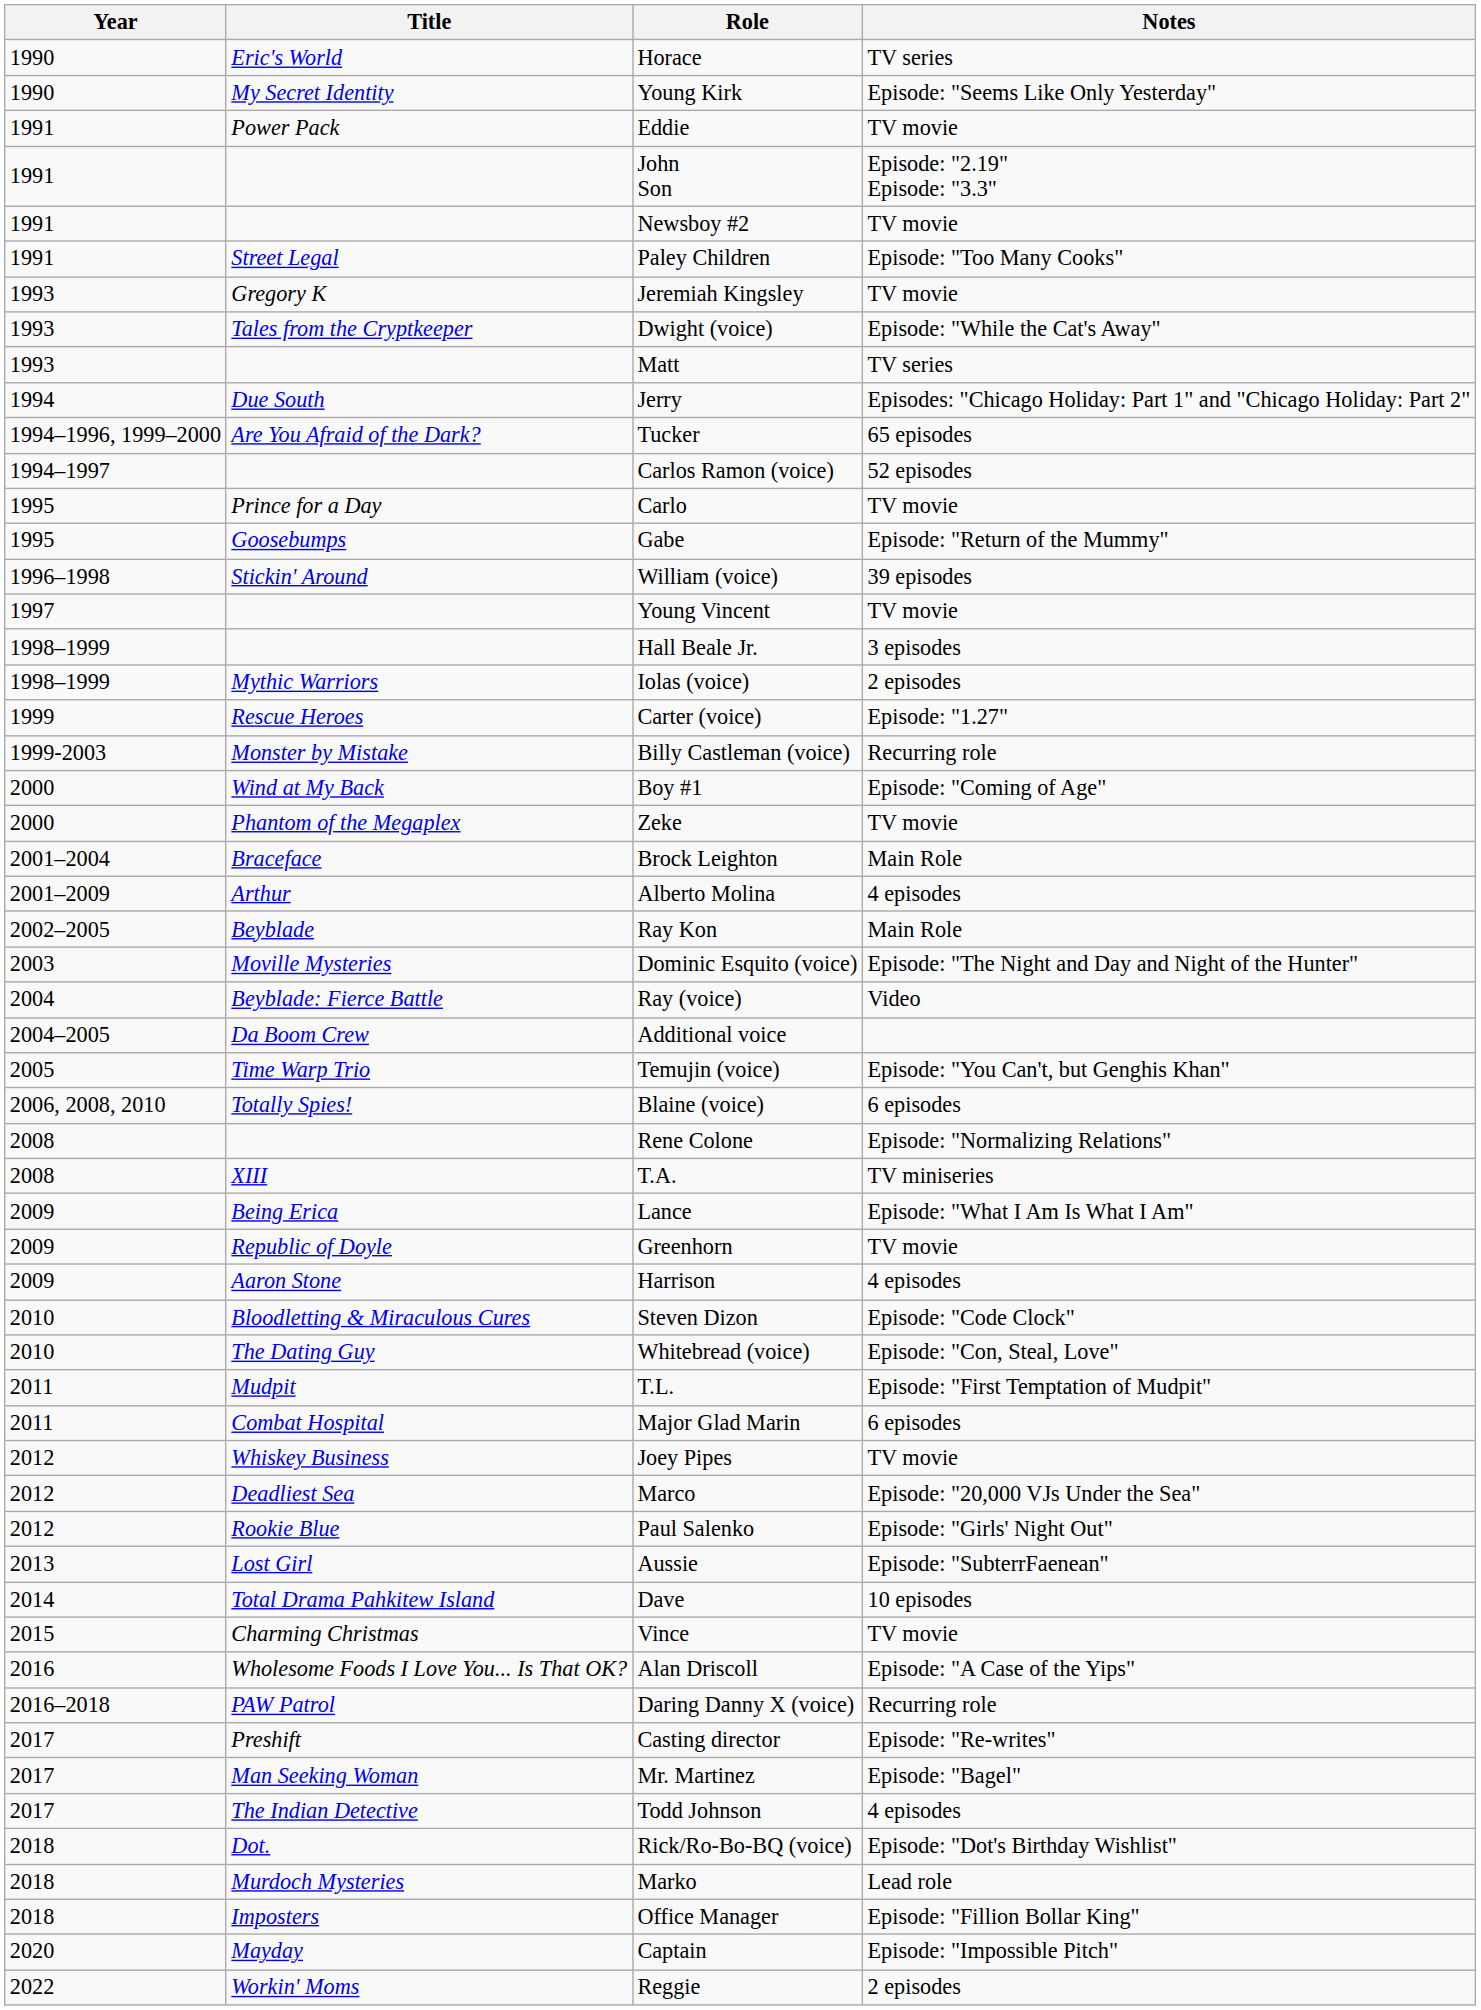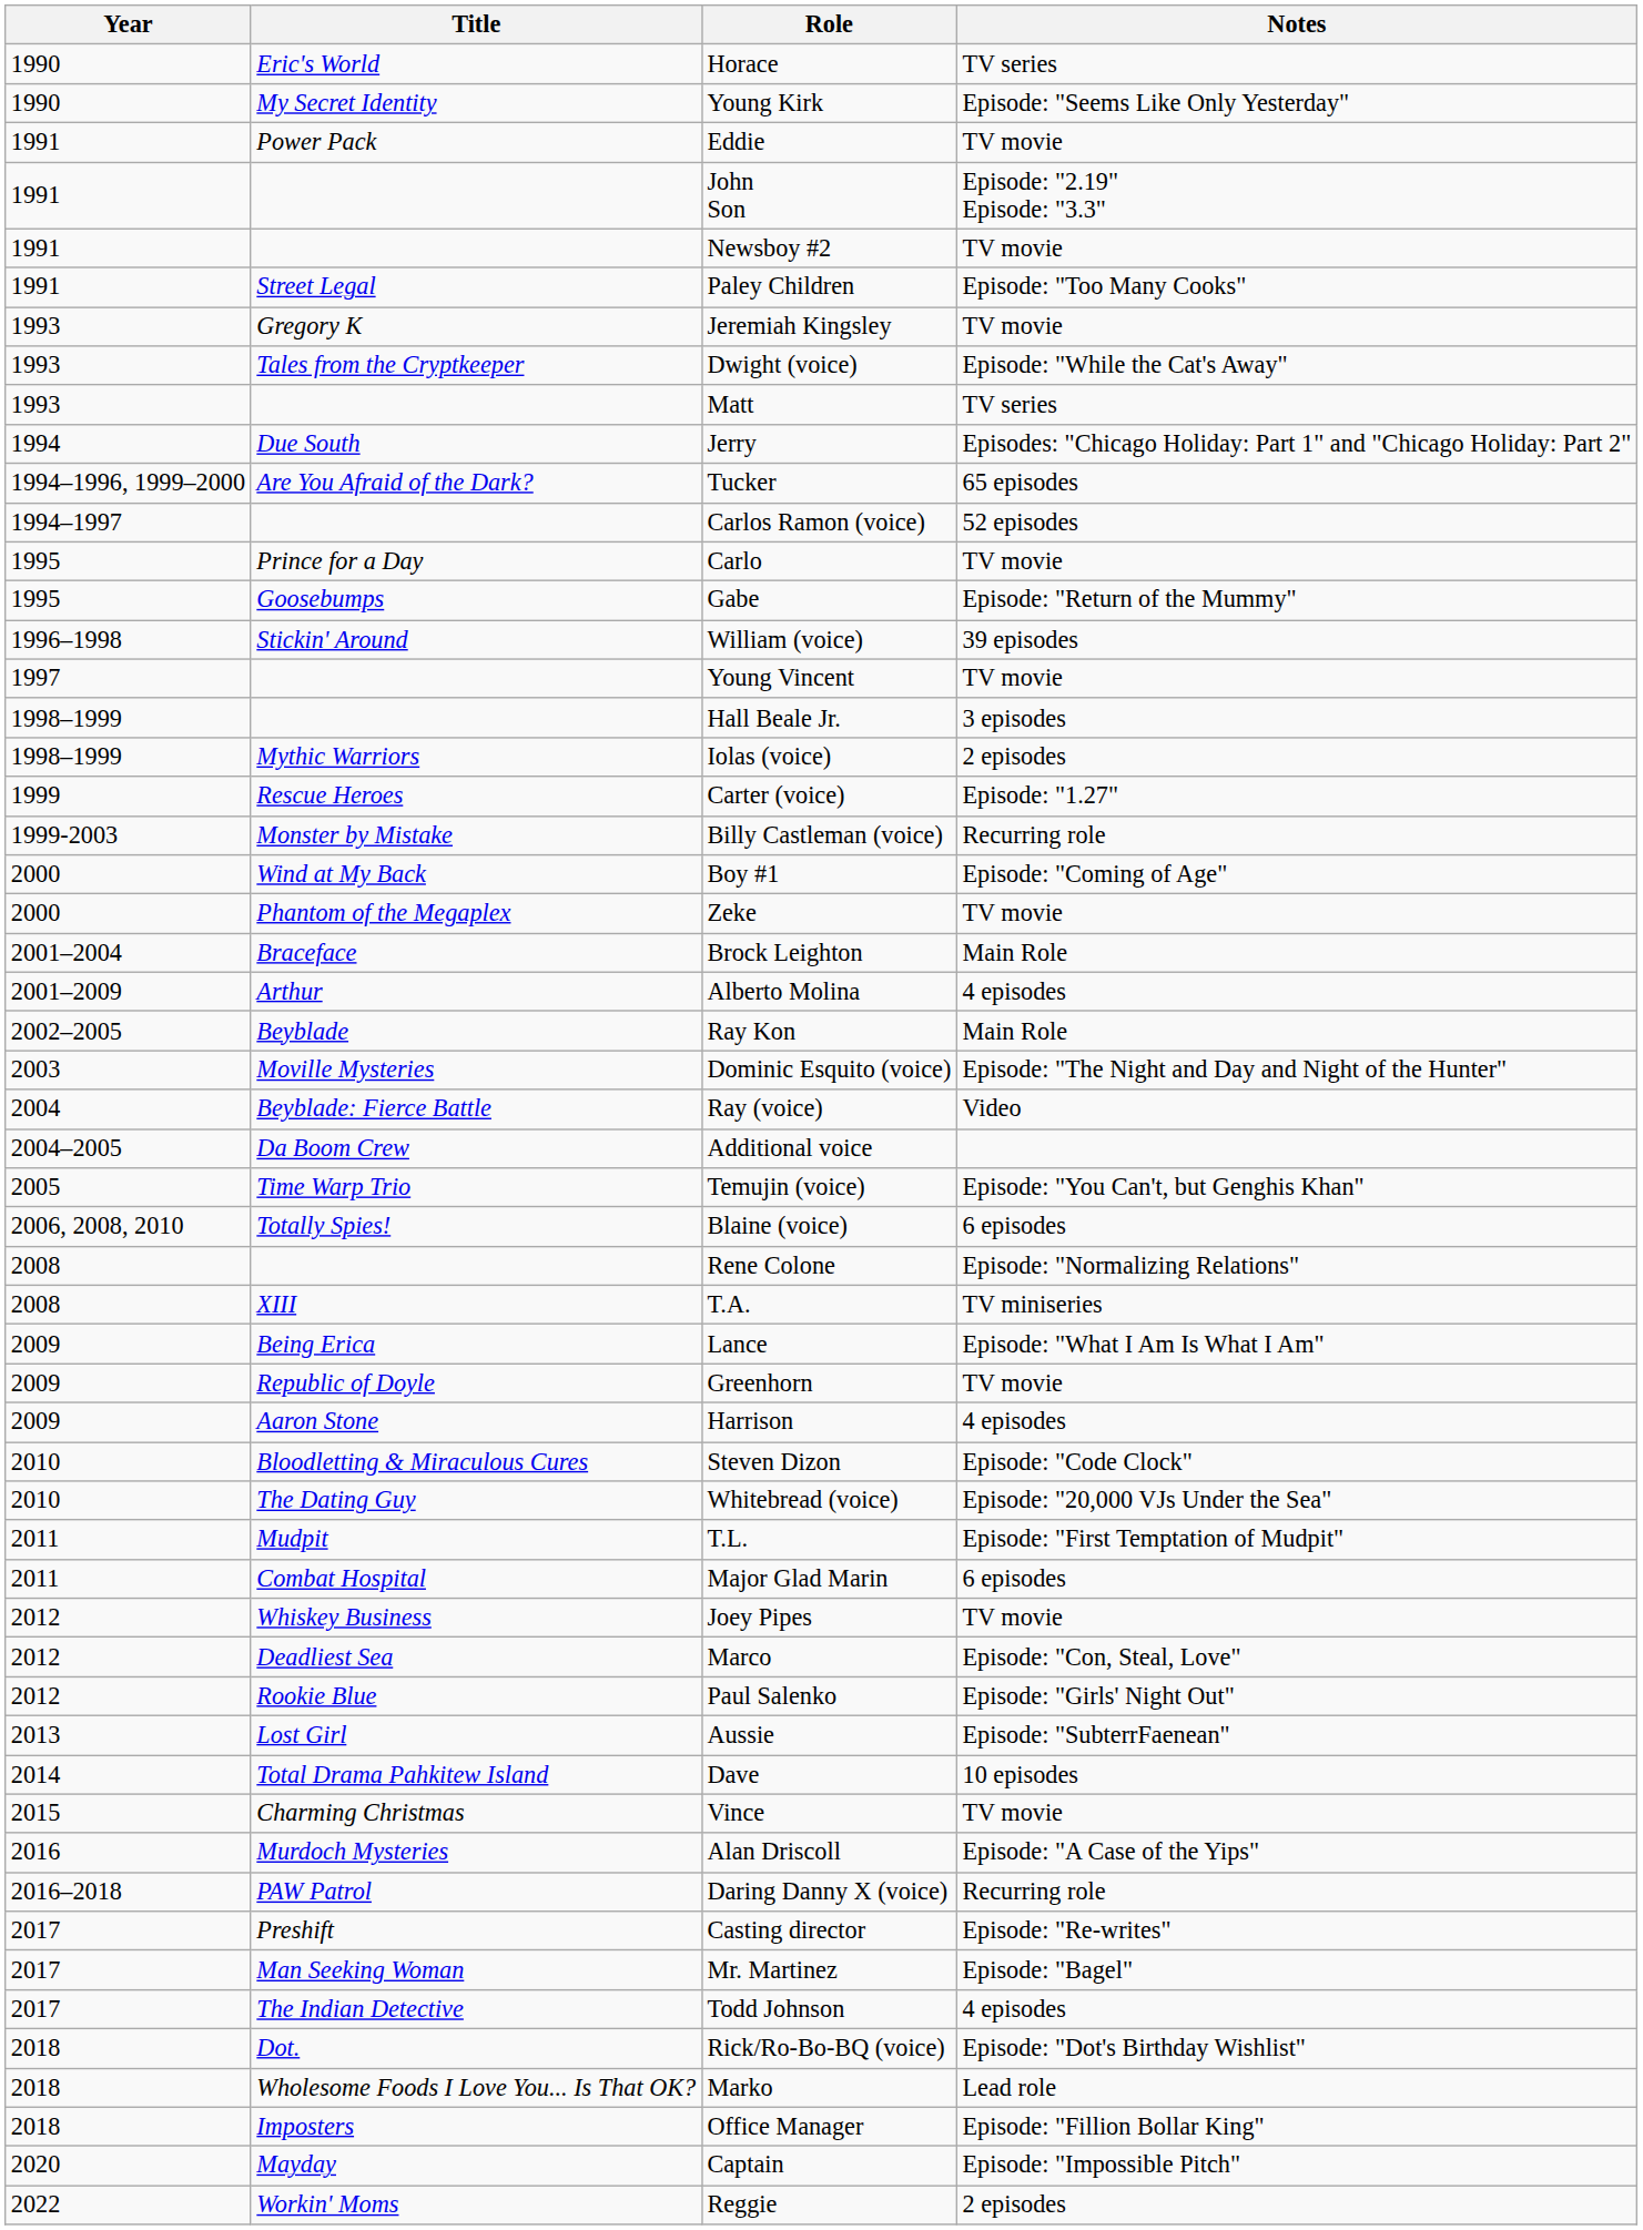 <table class="wikitable sortable">
 <tr>
 <th>Year</th>
 <th>Title</th>
 <th>Role</th>
 <th class="unsortable">Notes</th>
 </tr>
 <tr>
 <td>1990</td>
 <td><em><a href='#'>Eric's World</a></em></td>
 <td>Horace</td>
 <td>TV series</td>
 </tr>
 <tr>
 <td>1990</td>
 <td><em><a href='#'>My Secret Identity</a></em></td>
 <td>Young Kirk</td>
 <td>Episode: "Seems Like Only Yesterday"</td>
 </tr>
 <tr>
 <td>1991</td>
 <td><em>Power Pack</em></td>
 <td>Eddie</td>
 <td>TV movie</td>
 </tr>
 <tr>
 <td>1991</td>
 <td><em></em></td>
 <td>John<br>Son</td>
 <td>Episode: "2.19"<br>Episode: "3.3"</td>
 </tr>
 <tr>
 <td>1991</td>
 <td><em></em></td>
 <td>Newsboy #2</td>
 <td>TV movie</td>
 </tr>
 <tr>
 <td>1991</td>
 <td><em><a href='#'>Street Legal</a></em></td>
 <td>Paley Children</td>
 <td>Episode: "Too Many Cooks"</td>
 </tr>
 <tr>
 <td>1993</td>
 <td><em>Gregory K</em></td>
 <td>Jeremiah Kingsley</td>
 <td>TV movie</td>
 </tr>
 <tr>
 <td>1993</td>
 <td><em><a href='#'>Tales from the Cryptkeeper</a></em></td>
 <td>Dwight (voice)</td>
 <td>Episode: "While the Cat's Away"</td>
 </tr>
 <tr>
 <td>1993</td>
 <td><em></em></td>
 <td>Matt</td>
 <td>TV series</td>
 </tr>
 <tr>
 <td>1994</td>
 <td><em><a href='#'>Due South</a></em></td>
 <td>Jerry</td>
 <td>Episodes: "Chicago Holiday: Part 1" and "Chicago Holiday: Part 2"</td>
 </tr>
 <tr>
 <td>1994–1996, 1999–2000</td>
 <td><em><a href='#'>Are You Afraid of the Dark?</a></em></td>
 <td>Tucker</td>
 <td>65 episodes</td>
 </tr>
 <tr>
 <td>1994–1997</td>
 <td><em></em></td>
 <td>Carlos Ramon (voice)</td>
 <td>52 episodes</td>
 </tr>
 <tr>
 <td>1995</td>
 <td><em>Prince for a Day</em></td>
 <td>Carlo</td>
 <td>TV movie</td>
 </tr>
 <tr>
 <td>1995</td>
 <td><em><a href='#'>Goosebumps</a></em></td>
 <td>Gabe</td>
 <td>Episode: "Return of the Mummy"</td>
 </tr>
 <tr>
 <td>1996–1998</td>
 <td><em><a href='#'>Stickin' Around</a></em></td>
 <td>William (voice)</td>
 <td>39 episodes</td>
 </tr>
 <tr>
 <td>1997</td>
 <td><em></em></td>
 <td>Young Vincent</td>
 <td>TV movie</td>
 </tr>
 <tr>
 <td>1998–1999</td>
 <td><em></em></td>
 <td>Hall Beale Jr.</td>
 <td>3 episodes</td>
 </tr>
 <tr>
 <td>1998–1999</td>
 <td><em><a href='#'>Mythic Warriors</a></em></td>
 <td>Iolas (voice)</td>
 <td>2 episodes</td>
 </tr>
 <tr>
 <td>1999</td>
 <td><em><a href='#'>Rescue Heroes</a></em></td>
 <td>Carter (voice)</td>
 <td>Episode: "1.27"</td>
 </tr>
 <tr>
 <td>1999-2003</td>
 <td><em><a href='#'>Monster by Mistake</a></em></td>
 <td>Billy Castleman (voice)</td>
 <td>Recurring role</td>
 </tr>
 <tr>
 <td>2000</td>
 <td><em><a href='#'>Wind at My Back</a></em></td>
 <td>Boy #1</td>
 <td>Episode: "Coming of Age"</td>
 </tr>
 <tr>
 <td>2000</td>
 <td><em><a href='#'>Phantom of the Megaplex</a></em></td>
 <td>Zeke</td>
 <td>TV movie</td>
 </tr>
 <tr>
 <td>2001–2004</td>
 <td><em><a href='#'>Braceface</a></em></td>
 <td>Brock Leighton</td>
 <td>Main Role</td>
 </tr>
 <tr>
 <td>2001–2009</td>
 <td><em><a href='#'>Arthur</a></em></td>
 <td>Alberto Molina</td>
 <td>4 episodes</td>
 </tr>
 <tr>
 <td>2002–2005</td>
 <td><em><a href='#'>Beyblade</a></em></td>
 <td>Ray Kon</td>
 <td>Main Role</td>
 </tr>
 <tr>
 <td>2003</td>
 <td><em><a href='#'>Moville Mysteries</a></em></td>
 <td>Dominic Esquito (voice)</td>
 <td>Episode: "The Night and Day and Night of the Hunter"</td>
 </tr>
 <tr>
 <td>2004</td>
 <td><em><a href='#'>Beyblade: Fierce Battle</a></em></td>
 <td>Ray (voice)</td>
 <td>Video</td>
 </tr>
 <tr>
 <td>2004–2005</td>
 <td><em><a href='#'>Da Boom Crew</a></em></td>
 <td>Additional voice</td>
 </tr>
 <tr>
 <td>2005</td>
 <td><em><a href='#'>Time Warp Trio</a></em></td>
 <td>Temujin (voice)</td>
 <td>Episode: "You Can't, but Genghis Khan"</td>
 </tr>
 <tr>
 <td>2006, 2008, 2010</td>
 <td><em><a href='#'>Totally Spies!</a></em></td>
 <td>Blaine (voice)</td>
 <td>6 episodes</td>
 </tr>
 <tr>
 <td>2008</td>
 <td><em></em></td>
 <td>Rene Colone</td>
 <td>Episode: "Normalizing Relations"</td>
 </tr>
 <tr>
 <td>2008</td>
 <td><em><a href='#'>XIII</a></em></td>
 <td>T.A.</td>
 <td>TV miniseries</td>
 </tr>
 <tr>
 <td>2009</td>
 <td><em><a href='#'>Being Erica</a></em></td>
 <td>Lance</td>
 <td>Episode: "What I Am Is What I Am"</td>
 </tr>
 <tr>
 <td>2009</td>
 <td><em><a href='#'>Republic of Doyle</a></em></td>
 <td>Greenhorn</td>
 <td>TV movie</td>
 </tr>
 <tr>
 <td>2009</td>
 <td><em><a href='#'>Aaron Stone</a></em></td>
 <td>Harrison</td>
 <td>4 episodes</td>
 </tr>
 <tr>
 <td>2010</td>
 <td><em><a href='#'>Bloodletting & Miraculous Cures</a></em></td>
 <td>Steven Dizon</td>
 <td>Episode: "Code Clock"</td>
 </tr>
 <tr>
 <td>2010</td>
 <td data-sort-value="Dating Guy, The"><em><a href='#'>The Dating Guy</a></em></td>
 <td>Whitebread (voice)</td>
-<td>Episode: "Con, Steal, Love"</td>
+<td>Episode: "20,000 VJs Under the Sea"</td>
 </tr>
 <tr>
 <td>2011</td>
 <td><em><a href='#'>Mudpit</a></em></td>
 <td>T.L.</td>
 <td>Episode: "First Temptation of Mudpit"</td>
 </tr>
 <tr>
 <td>2011</td>
 <td><em><a href='#'>Combat Hospital</a></em></td>
 <td>Major Glad Marin</td>
 <td>6 episodes</td>
 </tr>
 <tr>
 <td>2012</td>
 <td><em><a href='#'>Whiskey Business</a></em></td>
 <td>Joey Pipes</td>
 <td>TV movie</td>
 </tr>
 <tr>
 <td>2012</td>
 <td><em><a href='#'>Deadliest Sea</a></em></td>
 <td>Marco</td>
-<td>Episode: "20,000 VJs Under the Sea"</td>
+<td>Episode: "Con, Steal, Love"</td>
 </tr>
 <tr>
 <td>2012</td>
 <td><em><a href='#'>Rookie Blue</a></em></td>
 <td>Paul Salenko</td>
 <td>Episode: "Girls' Night Out"</td>
 </tr>
 <tr>
 <td>2013</td>
 <td><em><a href='#'>Lost Girl</a></em></td>
 <td>Aussie</td>
 <td>Episode: "SubterrFaenean"</td>
 </tr>
 <tr>
 <td>2014</td>
 <td><em><a href='#'>Total Drama Pahkitew Island</a></em></td>
 <td>Dave</td>
 <td>10 episodes</td>
 </tr>
 <tr>
 <td>2015</td>
 <td><em>Charming Christmas</em></td>
 <td>Vince</td>
 <td>TV movie</td>
 </tr>
 <tr>
 <td>2016</td>
-<td><em>Wholesome Foods I Love You... Is That OK?</em></td>
+<td><em><a href='#'>Murdoch Mysteries</a></em></td>
 <td>Alan Driscoll</td>
 <td>Episode: "A Case of the Yips"</td>
 </tr>
 <tr>
 <td>2016–2018</td>
 <td><em><a href='#'>PAW Patrol</a></em></td>
 <td>Daring Danny X (voice)</td>
 <td>Recurring role</td>
 </tr>
 <tr>
 <td>2017</td>
 <td><em>Preshift</em></td>
 <td>Casting director</td>
 <td>Episode: "Re-writes"</td>
 </tr>
 <tr>
 <td>2017</td>
 <td><em><a href='#'>Man Seeking Woman</a></em></td>
 <td>Mr. Martinez</td>
 <td>Episode: "Bagel"</td>
 </tr>
 <tr>
 <td>2017</td>
 <td data-sort-value="Indian Detective, The"><em><a href='#'>The Indian Detective</a></em></td>
 <td>Todd Johnson</td>
 <td>4 episodes</td>
 </tr>
 <tr>
 <td>2018</td>
 <td><em><a href='#'>Dot.</a></em></td>
 <td>Rick/Ro-Bo-BQ (voice)</td>
 <td>Episode: "Dot's Birthday Wishlist"</td>
 </tr>
 <tr>
 <td>2018</td>
-<td><em><a href='#'>Murdoch Mysteries</a></em></td>
+<td><em>Wholesome Foods I Love You... Is That OK?</em></td>
 <td>Marko</td>
 <td>Lead role</td>
 </tr>
 <tr>
 <td>2018</td>
 <td><em><a href='#'>Imposters</a></em></td>
 <td>Office Manager</td>
 <td>Episode: "Fillion Bollar King"</td>
 </tr>
 <tr>
 <td>2020</td>
 <td><em><a href='#'>Mayday</a></em></td>
 <td>Captain</td>
 <td>Episode: "Impossible Pitch"</td>
 </tr>
 <tr>
 <td>2022</td>
 <td><em><a href='#'>Workin' Moms</a></em></td>
 <td>Reggie</td>
 <td>2 episodes</td>
 </tr>
 </table>
